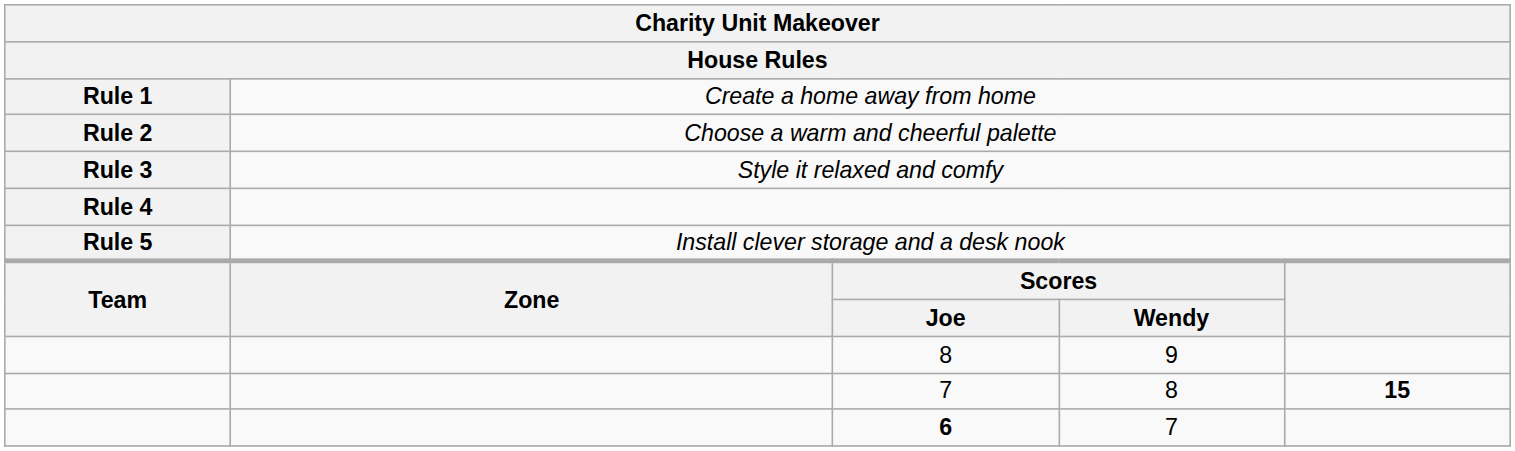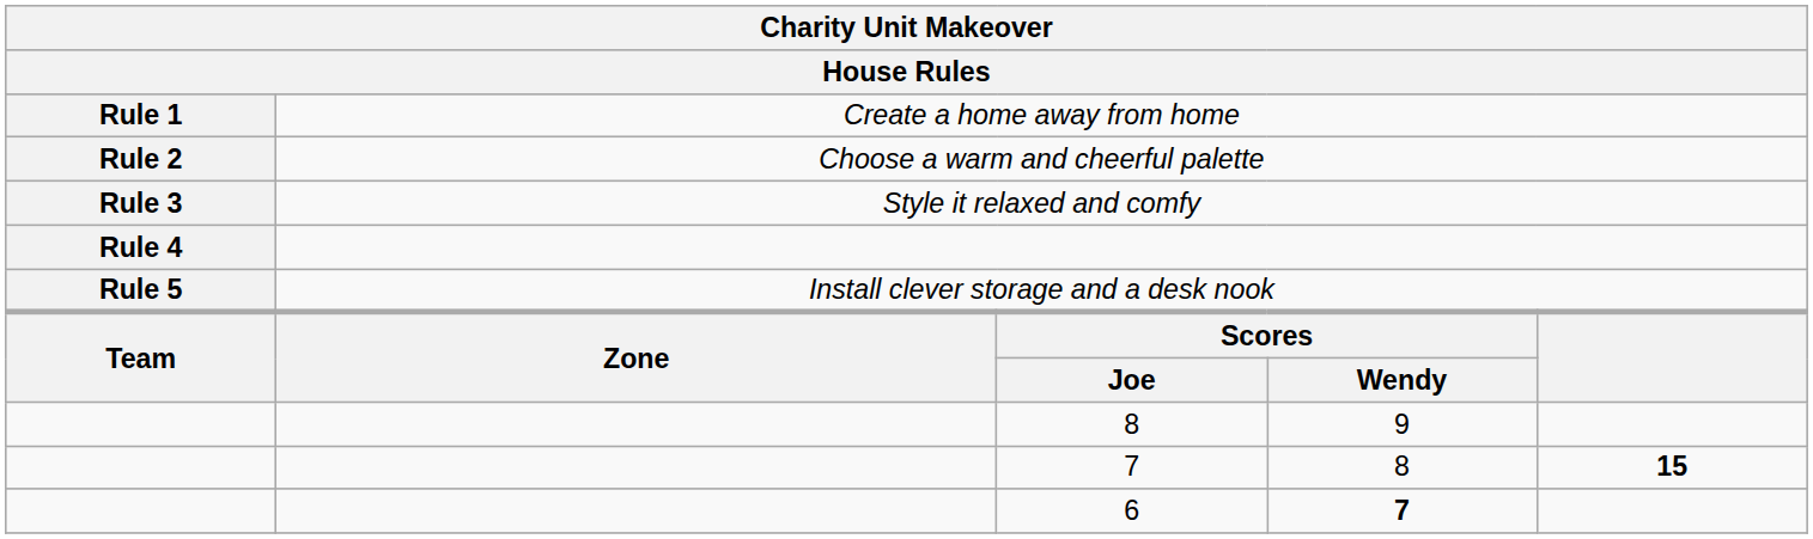 <table class="wikitable plainrowheaders" style="text-align:center; font-size:90%; width:65em;">
 <tr>
 <th colspan="5" >Charity Unit Makeover</th>
 </tr>
 <tr>
 <th colspan="5">House Rules</th>
 </tr>
 <tr>
 <th>Rule 1</th>
 <td colspan="5"><em>Create a home away from home</em></td>
 </tr>
 <tr>
 <th>Rule 2</th>
 <td colspan="5"><em>Choose a warm and cheerful palette</em></td>
 </tr>
 <tr>
 <th>Rule 3</th>
 <td colspan="5"><em>Style it relaxed and comfy</em></td>
 </tr>
 <tr>
 <th>Rule 4</th>
 <td colspan="5"></td>
 </tr>
 <tr>
 <th>Rule 5</th>
 <td colspan="5"><em>Install clever storage and a desk nook</em></td>
 </tr>
 <tr>
 </tr>
 <tr style="border-top:3px solid #aaa;">
 <th rowspan="2">Team</th>
 <th rowspan="2" style="width:40%;">Zone</th>
 <th colspan="2" style="width:30%;">Scores</th>
 <th rowspan="2" style="width:20%;"></th>
 </tr>
 <tr>
 <th style="width:15%;">Joe</th>
 <th style="width:15%;">Wendy</th>
 </tr>
 <tr>
 <td style="width:15%;"></td>
 <td></td>
 <td>8</td>
 <td>9</td>
 <td></td>
 </tr>
 <tr>
 <td style="width:15%;"></td>
 <td></td>
 <td>7</td>
 <td>8</td>
 <td><strong>15</strong></td>
 </tr>
 <tr>
 <td style="width:15%;"></td>
 <td></td>
-<td><strong>6</strong></td>
-<td>7</td>
+<td>6</td>
+<td><strong>7</strong></td>
 <td></td>
 </tr>
 </table>
